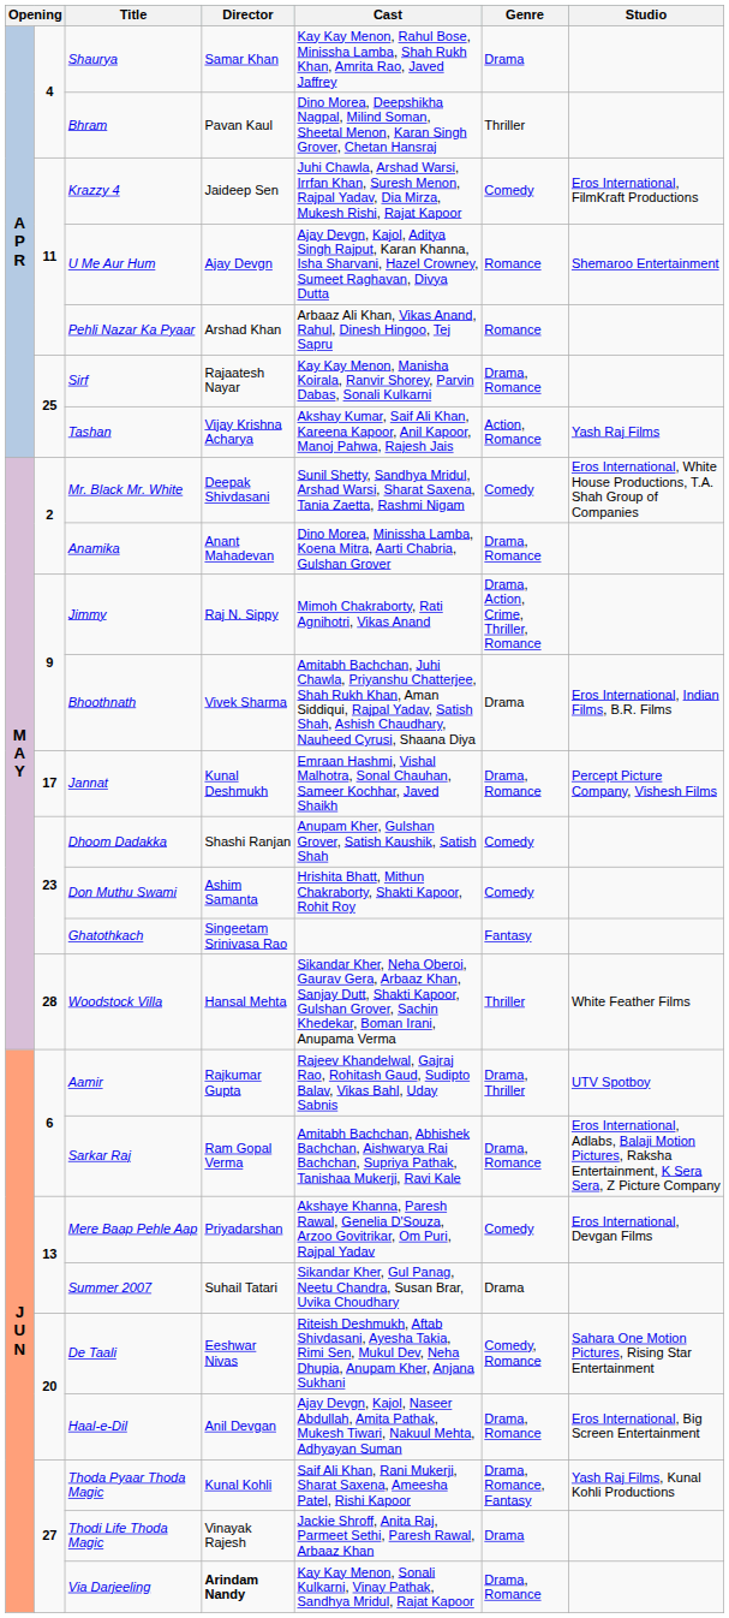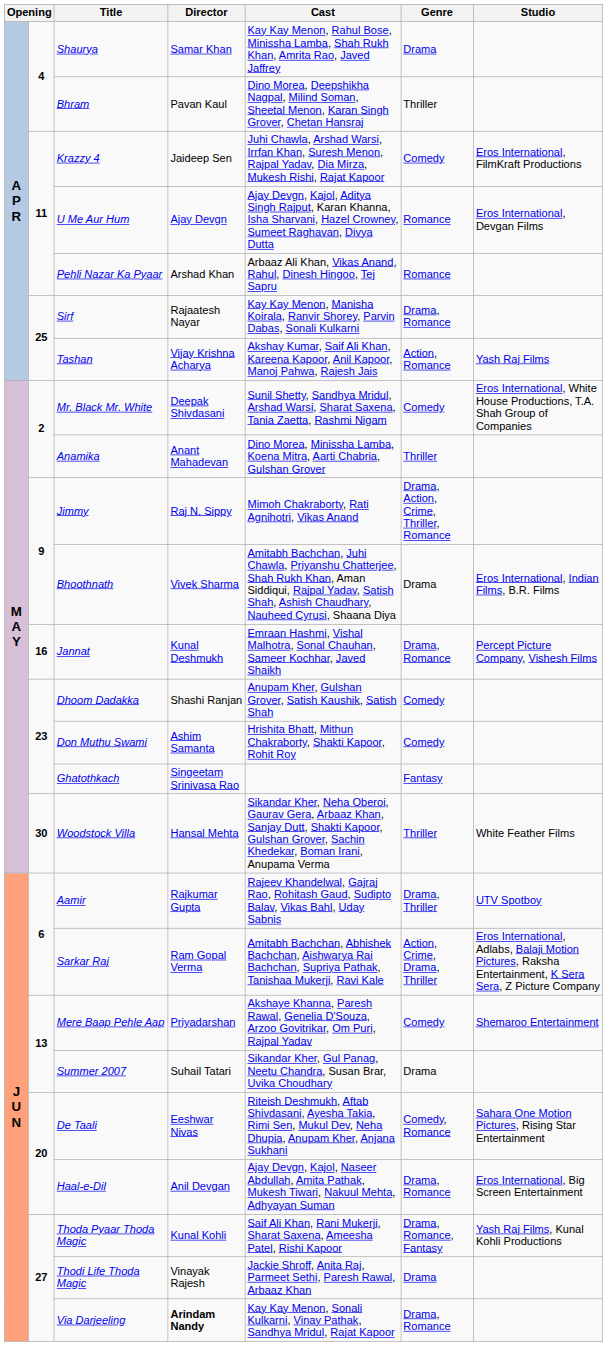 <table class="wikitable">
 <tr style="background:#b0e0e6; text-align:center;">
 <th colspan="2"><strong>Opening</strong></th>
 <th style="width:19%;"><strong>Title</strong></th>
 <th><strong>Director</strong></th>
 <th><strong>Cast</strong></th>
 <th><strong>Genre</strong></th>
 <th><strong>Studio</strong></th>
 </tr>
 <tr>
 <td rowspan="7"  style="text-align:center; background:#b4cae3; textcolor:#000;"><big><strong>A<br>P<br>R</strong></big></td>
 <td rowspan="2" style="text-align:center;"><strong>4</strong></td>
 <td><em><a href='#'>Shaurya</a></em></td>
 <td><a href='#'>Samar Khan</a></td>
 <td><a href='#'>Kay Kay Menon</a>, <a href='#'>Rahul Bose</a>, <a href='#'>Minissha Lamba</a>, <a href='#'>Shah Rukh Khan</a>, <a href='#'>Amrita Rao</a>, <a href='#'>Javed Jaffrey</a></td>
 <td><a href='#'>Drama</a></td>
 <td></td>
 </tr>
 <tr>
 <td><em><a href='#'>Bhram</a></em></td>
 <td>Pavan Kaul</td>
 <td><a href='#'>Dino Morea</a>, <a href='#'>Deepshikha Nagpal</a>, <a href='#'>Milind Soman</a>, <a href='#'>Sheetal Menon</a>, <a href='#'>Karan Singh Grover</a>, <a href='#'>Chetan Hansraj</a></td>
 <td>Thriller</td>
 <td></td>
 </tr>
 <tr>
 <td rowspan="3" style="text-align:center;"><strong>11</strong></td>
 <td><em><a href='#'>Krazzy 4</a></em></td>
 <td>Jaideep Sen</td>
 <td><a href='#'>Juhi Chawla</a>, <a href='#'>Arshad Warsi</a>, <a href='#'>Irrfan Khan</a>, <a href='#'>Suresh Menon</a>, <a href='#'>Rajpal Yadav</a>, <a href='#'>Dia Mirza</a>, <a href='#'>Mukesh Rishi</a>, <a href='#'>Rajat Kapoor</a></td>
 <td><a href='#'>Comedy</a></td>
 <td><a href='#'>Eros International</a>, FilmKraft Productions</td>
 </tr>
 <tr>
 <td><em><a href='#'>U Me Aur Hum</a></em></td>
 <td><a href='#'>Ajay Devgn</a></td>
 <td><a href='#'>Ajay Devgn</a>, <a href='#'>Kajol</a>, <a href='#'>Aditya Singh Rajput</a>, Karan Khanna, <a href='#'>Isha Sharvani</a>, <a href='#'>Hazel Crowney</a>, <a href='#'>Sumeet Raghavan</a>, <a href='#'>Divya Dutta</a></td>
 <td><a href='#'>Romance</a></td>
-<td><a href='#'>Shemaroo Entertainment</a></td>
+<td><a href='#'>Eros International</a>, Devgan Films</td>
 </tr>
 <tr>
 <td><em><a href='#'>Pehli Nazar Ka Pyaar</a></em></td>
 <td>Arshad Khan</td>
 <td>Arbaaz Ali Khan, <a href='#'>Vikas Anand</a>, <a href='#'>Rahul</a>, <a href='#'>Dinesh Hingoo</a>, <a href='#'>Tej Sapru</a></td>
 <td><a href='#'>Romance</a></td>
 <td></td>
 </tr>
 <tr>
 <td rowspan="2" style="text-align:center;"><strong>25</strong></td>
 <td><em><a href='#'>Sirf</a></em></td>
 <td>Rajaatesh Nayar</td>
 <td><a href='#'>Kay Kay Menon</a>, <a href='#'>Manisha Koirala</a>, <a href='#'>Ranvir Shorey</a>, <a href='#'>Parvin Dabas</a>, <a href='#'>Sonali Kulkarni</a></td>
 <td><a href='#'>Drama</a>, <a href='#'>Romance</a></td>
 <td></td>
 </tr>
 <tr>
 <td><em><a href='#'>Tashan</a></em></td>
 <td><a href='#'>Vijay Krishna Acharya</a></td>
 <td><a href='#'>Akshay Kumar</a>, <a href='#'>Saif Ali Khan</a>, <a href='#'>Kareena Kapoor</a>, <a href='#'>Anil Kapoor</a>, <a href='#'>Manoj Pahwa</a>, <a href='#'>Rajesh Jais</a></td>
 <td><a href='#'>Action</a>, <a href='#'>Romance</a></td>
 <td><a href='#'>Yash Raj Films</a></td>
 </tr>
 <tr>
 <td rowspan="9"   style="text-align:center; background:thistle; textcolor:#000;"><big><strong>M<br>A<br>Y</strong></big></td>
 <td rowspan="2" style="text-align:center;"><strong>2</strong></td>
 <td><em><a href='#'>Mr. Black Mr. White</a></em></td>
 <td><a href='#'>Deepak Shivdasani</a></td>
 <td><a href='#'>Sunil Shetty</a>, <a href='#'>Sandhya Mridul</a>, <a href='#'>Arshad Warsi</a>, <a href='#'>Sharat Saxena</a>, <a href='#'>Tania Zaetta</a>, <a href='#'>Rashmi Nigam</a></td>
 <td><a href='#'>Comedy</a></td>
 <td><a href='#'>Eros International</a>, White House Productions, T.A. Shah Group of Companies</td>
 </tr>
 <tr>
 <td><em><a href='#'>Anamika</a></em></td>
 <td><a href='#'>Anant Mahadevan</a></td>
 <td><a href='#'>Dino Morea</a>, <a href='#'>Minissha Lamba</a>, <a href='#'>Koena Mitra</a>, <a href='#'>Aarti Chabria</a>, <a href='#'>Gulshan Grover</a></td>
-<td><a href='#'>Drama</a>, <a href='#'>Romance</a></td>
+<td><a href='#'>Thriller</a></td>
 <td></td>
 </tr>
 <tr>
 <td rowspan="2" style="text-align:center;"><strong>9</strong></td>
 <td><em><a href='#'>Jimmy</a></em></td>
 <td><a href='#'>Raj N. Sippy</a></td>
 <td><a href='#'>Mimoh Chakraborty</a>, <a href='#'>Rati Agnihotri</a>, <a href='#'>Vikas Anand</a></td>
 <td><a href='#'>Drama</a>, <a href='#'>Action</a>, <a href='#'>Crime</a>, <a href='#'>Thriller</a>, <a href='#'>Romance</a></td>
 <td></td>
 </tr>
 <tr>
 <td><em><a href='#'>Bhoothnath</a></em></td>
 <td><a href='#'>Vivek Sharma</a></td>
 <td><a href='#'>Amitabh Bachchan</a>, <a href='#'>Juhi Chawla</a>, <a href='#'>Priyanshu Chatterjee</a>, <a href='#'>Shah Rukh Khan</a>, Aman Siddiqui, <a href='#'>Rajpal Yadav</a>, <a href='#'>Satish Shah</a>, <a href='#'>Ashish Chaudhary</a>, <a href='#'>Nauheed Cyrusi</a>, Shaana Diya</td>
 <td>Drama</td>
 <td><a href='#'>Eros International</a>, <a href='#'>Indian Films</a>, B.R. Films</td>
 </tr>
 <tr>
-<td style="text-align:center;"><strong>17</strong></td>
+<td style="text-align:center;"><strong>16</strong></td>
 <td><em><a href='#'>Jannat</a></em></td>
 <td><a href='#'>Kunal Deshmukh</a></td>
 <td><a href='#'>Emraan Hashmi</a>, <a href='#'>Vishal Malhotra</a>, <a href='#'>Sonal Chauhan</a>, <a href='#'>Sameer Kochhar</a>, <a href='#'>Javed Shaikh</a></td>
 <td><a href='#'>Drama</a>, <a href='#'>Romance</a></td>
 <td><a href='#'>Percept Picture Company</a>, <a href='#'>Vishesh Films</a></td>
 </tr>
 <tr>
 <td rowspan="3" style="text-align:center;"><strong>23</strong></td>
 <td><em><a href='#'>Dhoom Dadakka</a></em></td>
 <td>Shashi Ranjan</td>
 <td><a href='#'>Anupam Kher</a>, <a href='#'>Gulshan Grover</a>, <a href='#'>Satish Kaushik</a>, <a href='#'>Satish Shah</a></td>
 <td><a href='#'>Comedy</a></td>
 <td></td>
 </tr>
 <tr>
 <td><em><a href='#'>Don Muthu Swami</a></em></td>
 <td><a href='#'>Ashim Samanta</a></td>
 <td><a href='#'>Hrishita Bhatt</a>, <a href='#'>Mithun Chakraborty</a>, <a href='#'>Shakti Kapoor</a>, <a href='#'>Rohit Roy</a></td>
 <td><a href='#'>Comedy</a></td>
 <td></td>
 </tr>
 <tr>
 <td><em><a href='#'>Ghatothkach</a></em></td>
 <td><a href='#'>Singeetam Srinivasa Rao</a></td>
 <td></td>
 <td><a href='#'>Fantasy</a></td>
 <td></td>
 </tr>
 <tr>
-<td style="text-align:center;"><strong>28</strong></td>
+<td style="text-align:center;"><strong>30</strong></td>
 <td><em><a href='#'>Woodstock Villa</a></em></td>
 <td><a href='#'>Hansal Mehta</a></td>
 <td><a href='#'>Sikandar Kher</a>, <a href='#'>Neha Oberoi</a>, <a href='#'>Gaurav Gera</a>, <a href='#'>Arbaaz Khan</a>, <a href='#'>Sanjay Dutt</a>, <a href='#'>Shakti Kapoor</a>, <a href='#'>Gulshan Grover</a>, <a href='#'>Sachin Khedekar</a>, <a href='#'>Boman Irani</a>, Anupama Verma</td>
 <td><a href='#'>Thriller</a></td>
 <td>White Feather Films</td>
 </tr>
 <tr>
 <td rowspan="9"   style="text-align:center; background:#ffa07a; textcolor:#000;"><big><strong>J<br>U<br>N</strong></big></td>
 <td rowspan="2" style="text-align:center;"><strong>6</strong></td>
 <td><em><a href='#'>Aamir</a></em></td>
 <td><a href='#'>Rajkumar Gupta</a></td>
 <td><a href='#'>Rajeev Khandelwal</a>, <a href='#'>Gajraj Rao</a>, <a href='#'>Rohitash Gaud</a>, <a href='#'>Sudipto Balav</a>, <a href='#'>Vikas Bahl</a>, <a href='#'>Uday Sabnis</a></td>
 <td><a href='#'>Drama</a>, <a href='#'>Thriller</a></td>
 <td><a href='#'>UTV Spotboy</a></td>
 </tr>
 <tr>
 <td><em><a href='#'>Sarkar Raj</a></em></td>
 <td><a href='#'>Ram Gopal Verma</a></td>
 <td><a href='#'>Amitabh Bachchan</a>, <a href='#'>Abhishek Bachchan</a>, <a href='#'>Aishwarya Rai Bachchan</a>, <a href='#'>Supriya Pathak</a>, <a href='#'>Tanishaa Mukerji</a>, <a href='#'>Ravi Kale</a></td>
-<td><a href='#'>Drama</a>, <a href='#'>Romance</a></td>
+<td><a href='#'>Action</a>, <a href='#'>Crime</a>, <a href='#'>Drama</a>, <a href='#'>Thriller</a></td>
 <td><a href='#'>Eros International</a>, Adlabs, <a href='#'>Balaji Motion Pictures</a>, Raksha Entertainment, <a href='#'>K Sera Sera</a>, Z Picture Company</td>
 </tr>
 <tr>
 <td rowspan="2" style="text-align:center;"><strong>13</strong></td>
 <td><em><a href='#'>Mere Baap Pehle Aap</a></em></td>
 <td><a href='#'>Priyadarshan</a></td>
 <td><a href='#'>Akshaye Khanna</a>, <a href='#'>Paresh Rawal</a>, <a href='#'>Genelia D'Souza</a>, <a href='#'>Arzoo Govitrikar</a>, <a href='#'>Om Puri</a>, <a href='#'>Rajpal Yadav</a></td>
 <td><a href='#'>Comedy</a></td>
-<td><a href='#'>Eros International</a>, Devgan Films</td>
+<td><a href='#'>Shemaroo Entertainment</a></td>
 </tr>
 <tr>
 <td><em><a href='#'>Summer 2007</a></em></td>
 <td>Suhail Tatari</td>
 <td><a href='#'>Sikandar Kher</a>, <a href='#'>Gul Panag</a>, <a href='#'>Neetu Chandra</a>, Susan Brar, <a href='#'>Uvika Choudhary</a></td>
 <td>Drama</td>
 <td></td>
 </tr>
 <tr>
 <td rowspan="2" style="text-align:center;"><strong>20</strong></td>
 <td><em><a href='#'>De Taali</a></em></td>
 <td><a href='#'>Eeshwar Nivas</a></td>
 <td><a href='#'>Riteish Deshmukh</a>, <a href='#'>Aftab Shivdasani</a>, <a href='#'>Ayesha Takia</a>, <a href='#'>Rimi Sen</a>, <a href='#'>Mukul Dev</a>, <a href='#'>Neha Dhupia</a>, <a href='#'>Anupam Kher</a>, <a href='#'>Anjana Sukhani</a></td>
 <td><a href='#'>Comedy</a>, <a href='#'>Romance</a></td>
 <td><a href='#'>Sahara One Motion Pictures</a>, Rising Star Entertainment</td>
 </tr>
 <tr>
 <td><em><a href='#'>Haal-e-Dil</a></em></td>
 <td><a href='#'>Anil Devgan</a></td>
 <td><a href='#'>Ajay Devgn</a>, <a href='#'>Kajol</a>, <a href='#'>Naseer Abdullah</a>, <a href='#'>Amita Pathak</a>, <a href='#'>Mukesh Tiwari</a>, <a href='#'>Nakuul Mehta</a>, <a href='#'>Adhyayan Suman</a></td>
 <td><a href='#'>Drama</a>, <a href='#'>Romance</a></td>
 <td><a href='#'>Eros International</a>, Big Screen Entertainment</td>
 </tr>
 <tr>
 <td rowspan="3" style="text-align:center;"><strong>27</strong></td>
 <td><em><a href='#'>Thoda Pyaar Thoda Magic</a></em></td>
 <td><a href='#'>Kunal Kohli</a></td>
 <td><a href='#'>Saif Ali Khan</a>, <a href='#'>Rani Mukerji</a>, <a href='#'>Sharat Saxena</a>, <a href='#'>Ameesha Patel</a>, <a href='#'>Rishi Kapoor</a></td>
 <td><a href='#'>Drama</a>, <a href='#'>Romance</a>, <a href='#'>Fantasy</a></td>
 <td><a href='#'>Yash Raj Films</a>, Kunal Kohli Productions</td>
 </tr>
 <tr>
 <td><em><a href='#'>Thodi Life Thoda Magic</a></em></td>
 <td>Vinayak Rajesh</td>
 <td><a href='#'>Jackie Shroff</a>, <a href='#'>Anita Raj</a>, <a href='#'>Parmeet Sethi</a>, <a href='#'>Paresh Rawal</a>, <a href='#'>Arbaaz Khan</a></td>
 <td><a href='#'>Drama</a></td>
 <td></td>
 </tr>
 <tr>
 <td><em><a href='#'>Via Darjeeling</a></em></td>
 <td><strong>Arindam Nandy</strong></td>
 <td><a href='#'>Kay Kay Menon</a>, <a href='#'>Sonali Kulkarni</a>, <a href='#'>Vinay Pathak</a>, <a href='#'>Sandhya Mridul</a>, <a href='#'>Rajat Kapoor</a></td>
 <td><a href='#'>Drama</a>, <a href='#'>Romance</a></td>
 <td></td>
 </tr>
 </table>
